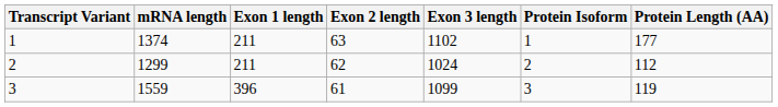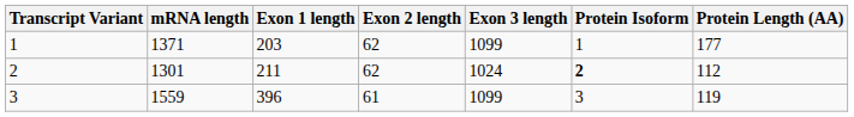 <table class="wikitable">
 <tr>
 <th>Transcript Variant</th>
 <th>mRNA length</th>
 <th>Exon 1 length</th>
 <th>Exon 2 length</th>
 <th>Exon 3 length</th>
 <th>Protein Isoform</th>
 <th>Protein Length (AA)</th>
 </tr>
 <tr>
 <td>1 </td>
-<td>1374</td>
-<td>211</td>
-<td>63</td>
-<td>1102</td>
+<td>1371</td>
+<td>203</td>
+<td>62</td>
+<td>1099</td>
 <td>1 </td>
 <td>177</td>
 </tr>
 <tr>
 <td>2 </td>
-<td>1299</td>
+<td>1301</td>
 <td>211</td>
 <td>62</td>
 <td>1024</td>
-<td>2 </td>
+<td><strong>2 </strong></td>
 <td>112</td>
 </tr>
 <tr>
 <td>3 </td>
 <td>1559</td>
 <td>396</td>
 <td>61</td>
 <td>1099</td>
 <td>3 </td>
 <td>119</td>
 </tr>
 </table>
